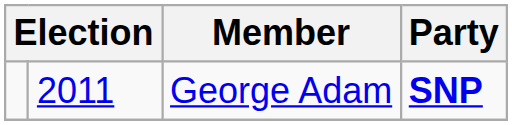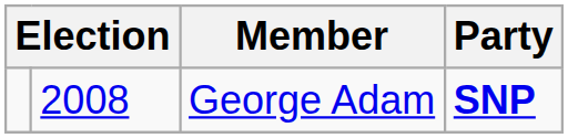 <table class="wikitable">
 <tr>
 <th colspan="2">Election</th>
 <th>Member</th>
 <th>Party</th>
 </tr>
 <tr>
 <td style="background-color: "></td>
-<td><a href='#'>2011</a></td>
+<td><a href='#'>2008</a></td>
 <td><a href='#'>George Adam</a></td>
 <td><strong><a href='#'>SNP</a></strong></td>
 </tr>
 <tr>
 </tr>
 </table>
